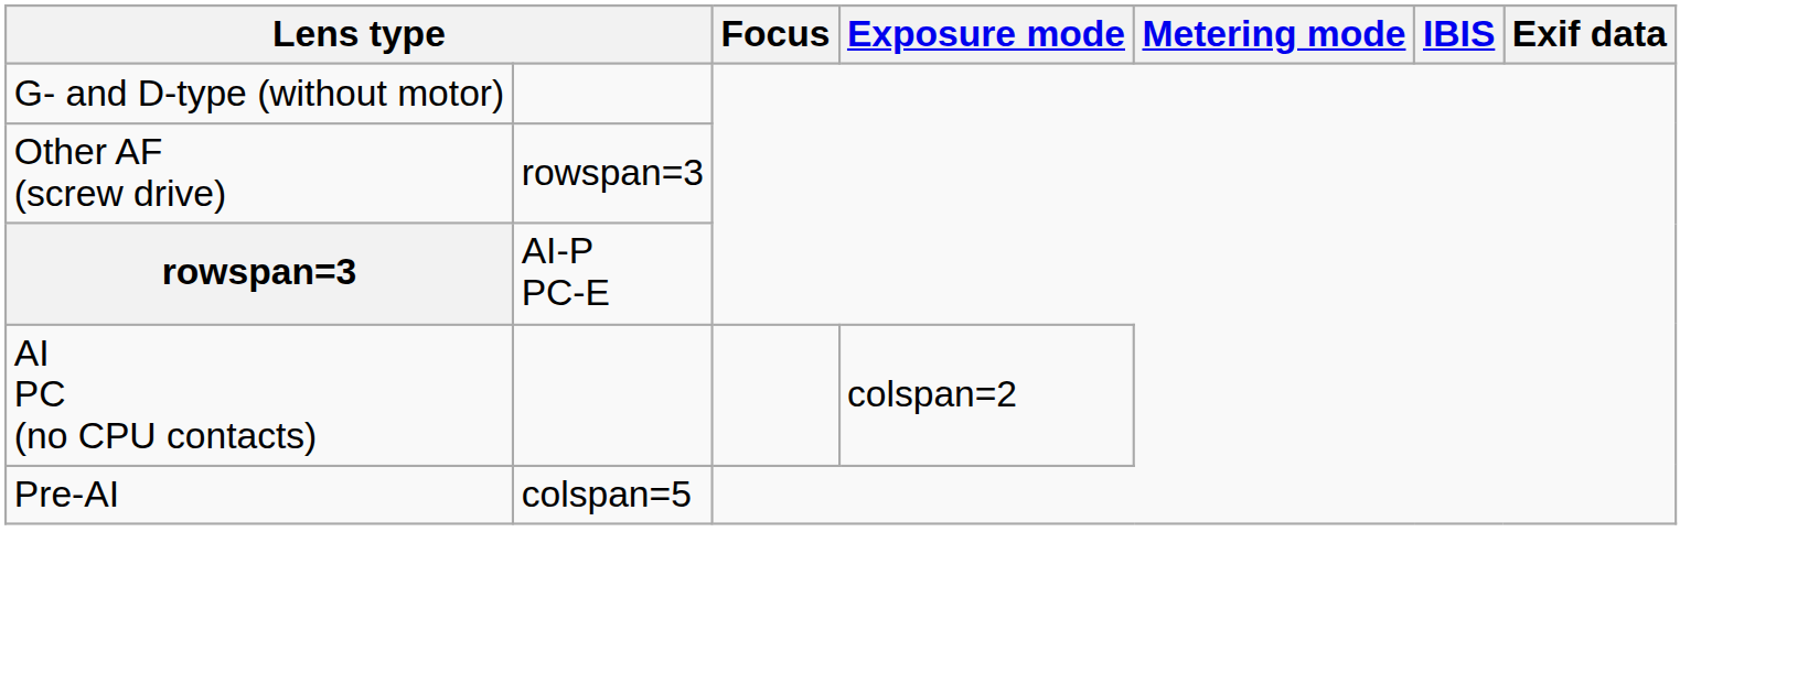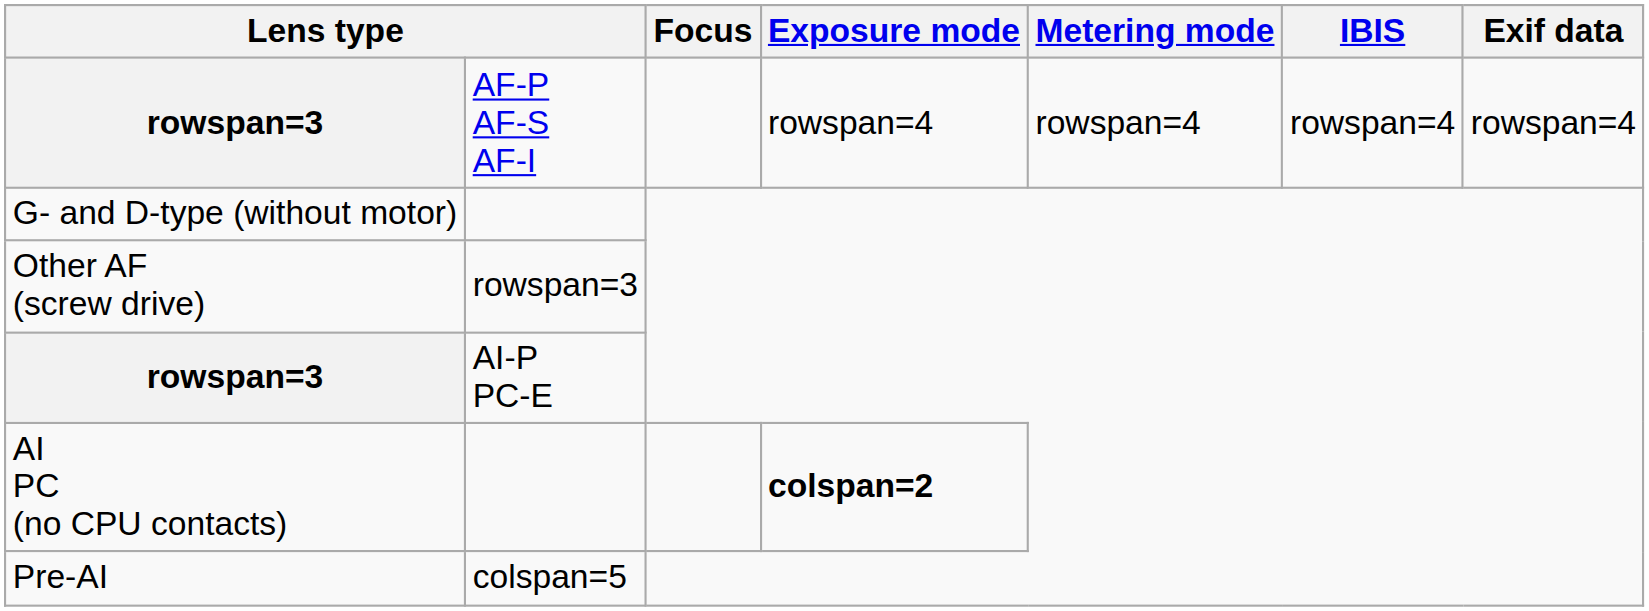 <table class="wikitable" style="text-align:left">
 <tr bgcolor="#CCCCCC">
 <th colspan=2>Lens type</th>
 <th>Focus</th>
 <th><a href='#'>Exposure mode</a></th>
 <th><a href='#'>Metering mode</a></th>
 <th><a href='#'>IBIS</a></th>
 <th>Exif data</th>
+</tr>
+<tr>
+<th>rowspan=3 </th>
+<td><a href='#'>AF-P<br>AF-S<br>AF-I</a></td>
+<td></td>
+<td>rowspan=4 </td>
+<td>rowspan=4 </td>
+<td>rowspan=4 </td>
+<td>rowspan=4 </td>
 </tr>
 <tr>
 <td>G- and D-type (without motor)</td>
 <td></td>
 </tr>
 <tr>
 <td>Other AF<br>(screw drive)</td>
 <td>rowspan=3 </td>
 </tr>
 <tr>
 <th>rowspan=3 </th>
 <td>AI-P<br>PC-E</td>
 </tr>
 <tr>
 <td>AI<br>PC<br>(no CPU contacts)</td>
 <td></td>
 <td></td>
-<td>colspan=2 </td>
+<td><strong>colspan=2 </strong></td>
 </tr>
 <tr>
 <td>Pre-AI</td>
 <td>colspan=5 </td>
 </tr>
 </table>
